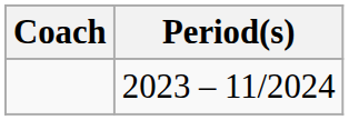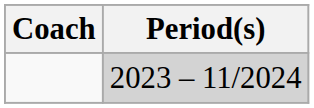 <table class="wikitable sortable" style="text-align:center;">
 <tr>
 <th>Coach</th>
 <th>Period(s)</th>
 </tr>
 <tr>
 <td style="text-align: left;"> </td>
-<td>2023 – 11/2024</td>
+<td style="background: lightgrey;">2023 – 11/2024</td>
 </tr>
 </table>
